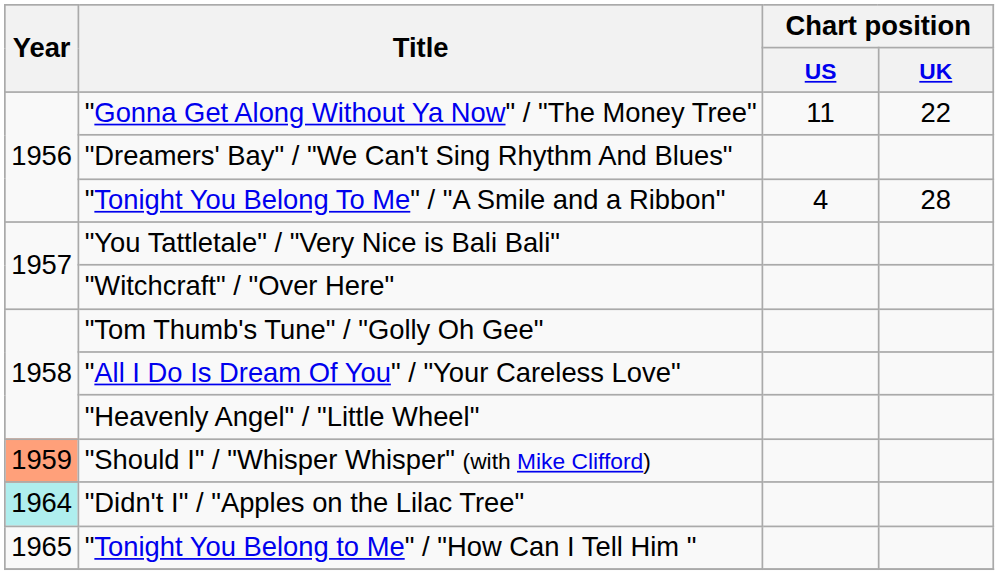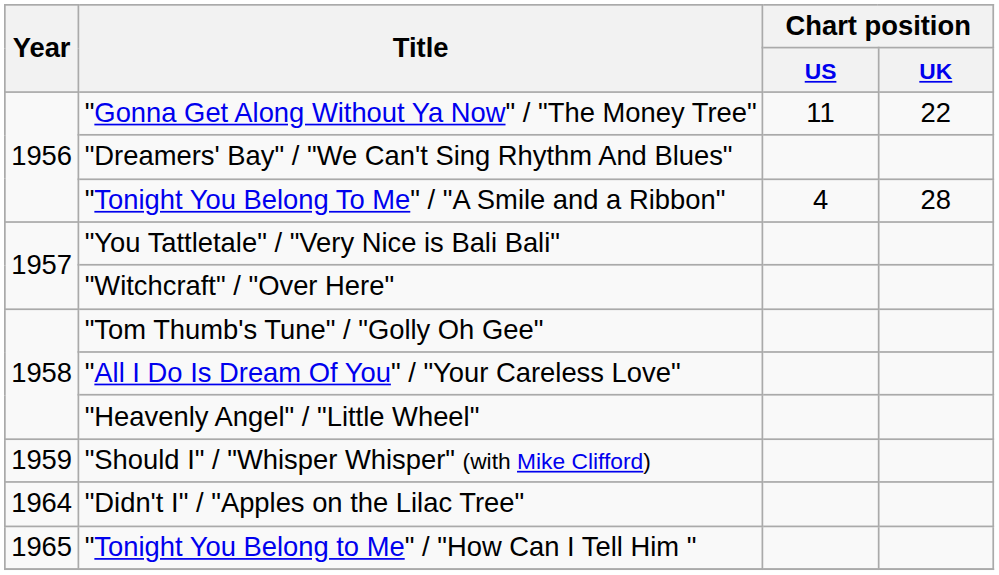 <table class="wikitable">
 <tr>
 <th rowspan=2>Year</th>
 <th rowspan=2>Title</th>
 <th colspan="2">Chart position</th>
 </tr>
 <tr>
 <th width="60"><small><a href='#'>US</a></small></th>
 <th width="60"><small><a href='#'>UK</a></small></th>
 </tr>
 <tr>
 <td rowspan="3">1956</td>
 <td>"<a href='#'>Gonna Get Along Without Ya Now</a>" / "The Money Tree"</td>
 <td style=text-align:center>11</td>
 <td style=text-align:center>22</td>
 </tr>
 <tr>
 <td>"Dreamers' Bay" / "We Can't Sing Rhythm And Blues"</td>
 <td></td>
 <td></td>
 </tr>
 <tr>
 <td>"<a href='#'>Tonight You Belong To Me</a>" / "A Smile and a Ribbon"</td>
 <td style=text-align:center>4</td>
 <td style=text-align:center>28</td>
 </tr>
 <tr>
 <td rowspan=2>1957</td>
 <td>"You Tattletale" / "Very Nice is Bali Bali"</td>
 <td></td>
 <td></td>
 </tr>
 <tr>
 <td>"Witchcraft" / "Over Here"</td>
 <td></td>
 <td></td>
 </tr>
 <tr>
 <td rowspan=3>1958</td>
 <td>"Tom Thumb's Tune" / "Golly Oh Gee"</td>
 <td></td>
 <td></td>
 </tr>
 <tr>
 <td>"<a href='#'>All I Do Is Dream Of You</a>" / "Your Careless Love"</td>
 <td></td>
 <td></td>
 </tr>
 <tr>
 <td>"Heavenly Angel" / "Little Wheel"</td>
 <td></td>
 <td></td>
 </tr>
 <tr>
-<td style="background: lightsalmon;">1959</td>
+<td>1959</td>
 <td>"Should I" / "Whisper Whisper" <small>(with <a href='#'>Mike Clifford</a>)</small></td>
 <td></td>
 <td></td>
 </tr>
 <tr>
-<td style="background: paleturquoise;">1964</td>
+<td>1964</td>
 <td>"Didn't I" / "Apples on the Lilac Tree"</td>
 <td></td>
 <td></td>
 </tr>
 <tr>
 <td>1965</td>
 <td>"<a href='#'>Tonight You Belong to Me</a>" / "How Can I Tell Him "</td>
 <td></td>
 <td></td>
 </tr>
 <tr>
 </tr>
 </table>
